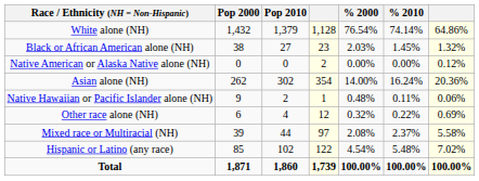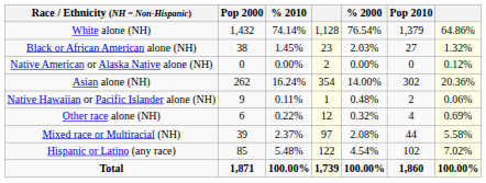 <table class="wikitable" style="text-align:center;">
 <tr>
 <th>Race / Ethnicity <small>(<em>NH = Non-Hispanic</em>)</small></th>
 <th>Pop 2000</th>
-<th>Pop 2010</th>
+<th>% 2010</th>
 <th></th>
 <th>% 2000</th>
-<th>% 2010</th>
+<th>Pop 2010</th>
 <th></th>
 </tr>
 <tr>
 <td><a href='#'>White</a> alone (NH)</td>
 <td>1,432</td>
-<td>1,379</td>
+<td>74.14%</td>
 <td style='background: #ffffe6;'>1,128</td>
 <td>76.54%</td>
-<td>74.14%</td>
+<td>1,379</td>
 <td style='background: #ffffe6;'>64.86%</td>
 </tr>
 <tr>
 <td><a href='#'>Black or African American</a> alone (NH)</td>
 <td>38</td>
-<td>27</td>
+<td>1.45%</td>
 <td style='background: #ffffe6;'>23</td>
 <td>2.03%</td>
-<td>1.45%</td>
+<td>27</td>
 <td style='background: #ffffe6;'>1.32%</td>
 </tr>
 <tr>
 <td><a href='#'>Native American</a> or <a href='#'>Alaska Native</a> alone (NH)</td>
 <td>0</td>
-<td>0</td>
+<td>0.00%</td>
 <td style='background: #ffffe6;'>2</td>
 <td>0.00%</td>
-<td>0.00%</td>
+<td>0</td>
 <td style='background: #ffffe6;'>0.12%</td>
 </tr>
 <tr>
 <td><a href='#'>Asian</a> alone (NH)</td>
 <td>262</td>
-<td>302</td>
+<td>16.24%</td>
 <td style='background: #ffffe6;'>354</td>
 <td>14.00%</td>
-<td>16.24%</td>
+<td>302</td>
 <td style='background: #ffffe6;'>20.36%</td>
 </tr>
 <tr>
 <td><a href='#'>Native Hawaiian</a> or <a href='#'>Pacific Islander</a> alone (NH)</td>
 <td>9</td>
-<td>2</td>
+<td>0.11%</td>
 <td style='background: #ffffe6;'>1</td>
 <td>0.48%</td>
-<td>0.11%</td>
+<td>2</td>
 <td style='background: #ffffe6;'>0.06%</td>
 </tr>
 <tr>
 <td><a href='#'>Other race</a> alone (NH)</td>
 <td>6</td>
-<td>4</td>
+<td>0.22%</td>
 <td style='background: #ffffe6;'>12</td>
 <td>0.32%</td>
-<td>0.22%</td>
+<td>4</td>
 <td style='background: #ffffe6;'>0.69%</td>
 </tr>
 <tr>
 <td><a href='#'>Mixed race or Multiracial</a> (NH)</td>
 <td>39</td>
-<td>44</td>
+<td>2.37%</td>
 <td style='background: #ffffe6;'>97</td>
 <td>2.08%</td>
-<td>2.37%</td>
+<td>44</td>
 <td style='background: #ffffe6;'>5.58%</td>
 </tr>
 <tr>
 <td><a href='#'>Hispanic or Latino</a> (any race)</td>
 <td>85</td>
-<td>102</td>
+<td>5.48%</td>
 <td style='background: #ffffe6;'>122</td>
 <td>4.54%</td>
-<td>5.48%</td>
+<td>102</td>
 <td style='background: #ffffe6;'>7.02%</td>
 </tr>
 <tr>
 <td><strong>Total</strong></td>
 <td><strong>1,871</strong></td>
-<td><strong>1,860</strong></td>
+<td><strong>100.00%</strong></td>
 <td style='background: #ffffe6;'><strong>1,739</strong></td>
 <td><strong>100.00%</strong></td>
-<td><strong>100.00%</strong></td>
+<td><strong>1,860</strong></td>
 <td style='background: #ffffe6;'><strong>100.00%</strong></td>
 </tr>
 </table>
